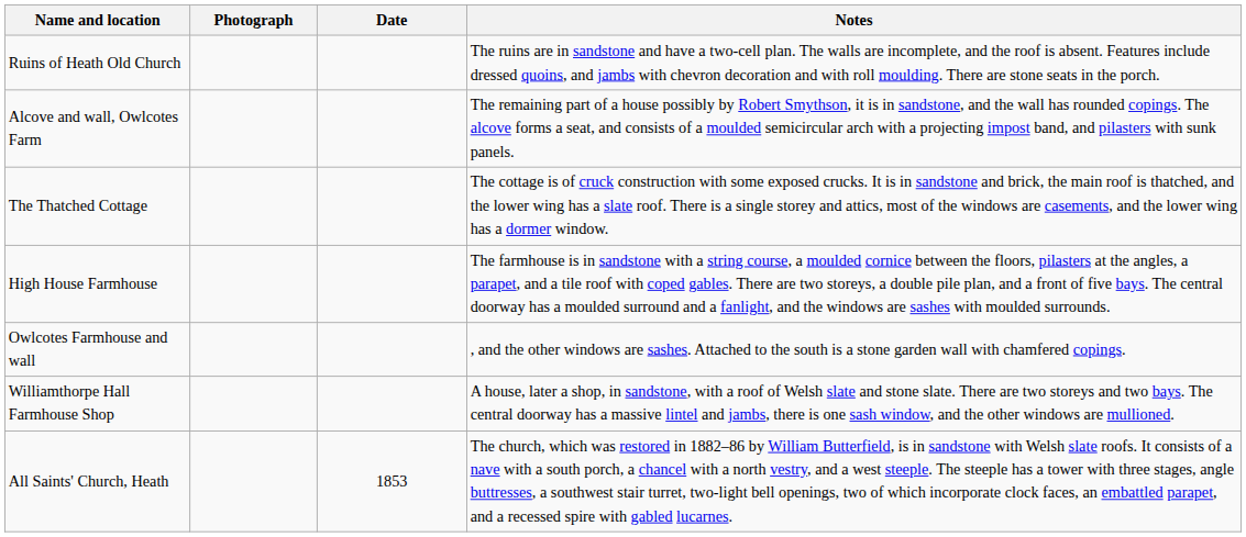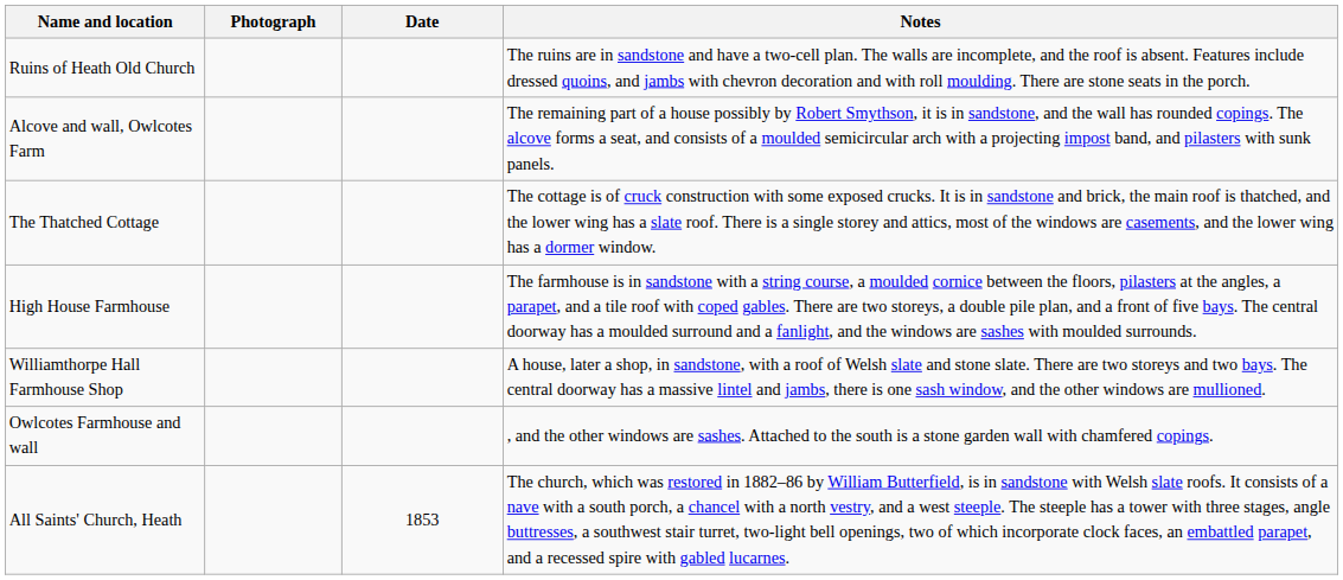 <table class="wikitable sortable plainrowheaders" style="width:100%;border:0px;text-align:left;line-height:150%;">
 <tr>
 <th scope="col"  style="width:150px">Name and location</th>
 <th scope="col"  style="width:100px" class="unsortable">Photograph</th>
 <th scope="col"  style="width:120px">Date</th>
 <th scope="col"  style="width:650px" class="unsortable">Notes</th>
 </tr>
 <tr>
 <td>Ruins of Heath Old Church<br><small></small></td>
 <td></td>
 <td align="center"></td>
 <td>The ruins are in <a href='#'>sandstone</a> and have a two-cell plan.  The walls are incomplete, and the roof is absent.  Features include dressed <a href='#'>quoins</a>, and <a href='#'>jambs</a> with chevron decoration and with roll <a href='#'>moulding</a>.  There are stone seats in the porch.</td>
 </tr>
 <tr>
 <td>Alcove and wall, Owlcotes Farm<br><small></small></td>
 <td></td>
 <td align="center"></td>
 <td>The remaining part of a house possibly by <a href='#'>Robert Smythson</a>, it is in <a href='#'>sandstone</a>, and the wall has rounded <a href='#'>copings</a>.  The <a href='#'>alcove</a> forms a seat, and consists of a <a href='#'>moulded</a> semicircular arch with a projecting <a href='#'>impost</a> band, and <a href='#'>pilasters</a> with sunk panels.</td>
 </tr>
 <tr>
 <td>The Thatched Cottage<br><small></small></td>
 <td></td>
 <td align="center"></td>
 <td>The cottage is of <a href='#'>cruck</a> construction with some exposed crucks.  It is in <a href='#'>sandstone</a> and brick, the main roof is thatched, and the lower wing has a <a href='#'>slate</a> roof.  There is a single storey and attics, most of the windows are <a href='#'>casements</a>, and the lower wing has a <a href='#'>dormer</a> window.</td>
 </tr>
 <tr>
 <td>High House Farmhouse<br><small></small></td>
 <td></td>
 <td align="center"></td>
 <td>The farmhouse is in <a href='#'>sandstone</a> with a <a href='#'>string course</a>, a <a href='#'>moulded</a> <a href='#'>cornice</a> between the floors, <a href='#'>pilasters</a> at the angles, a <a href='#'>parapet</a>, and a tile roof with <a href='#'>coped</a> <a href='#'>gables</a>.  There are two storeys, a double pile plan, and a front of five <a href='#'>bays</a>.  The central doorway has a moulded surround and a <a href='#'>fanlight</a>, and the windows are <a href='#'>sashes</a> with moulded surrounds.</td>
 </tr>
 <tr>
+<td>Williamthorpe Hall Farmhouse Shop<br><small></small></td>
+<td></td>
+<td align="center"></td>
+<td>A house, later a shop, in <a href='#'>sandstone</a>, with a roof of Welsh <a href='#'>slate</a> and stone slate.  There are two storeys and two <a href='#'>bays</a>.  The central doorway has a massive <a href='#'>lintel</a> and <a href='#'>jambs</a>, there is one <a href='#'>sash window</a>, and the other windows are <a href='#'>mullioned</a>.</td>
+</tr>
+<tr>
 <td>Owlcotes Farmhouse and wall<br><small></small></td>
 <td></td>
 <td align="center"></td>
 <td The farmhouse is in >, and the other windows are <a href='#'>sashes</a>.  Attached to the south is a stone garden wall with chamfered <a href='#'>copings</a>.</td>
-</tr>
-<tr>
-<td>Williamthorpe Hall Farmhouse Shop<br><small></small></td>
-<td></td>
-<td align="center"></td>
-<td>A house, later a shop, in <a href='#'>sandstone</a>, with a roof of Welsh <a href='#'>slate</a> and stone slate.  There are two storeys and two <a href='#'>bays</a>.  The central doorway has a massive <a href='#'>lintel</a> and <a href='#'>jambs</a>, there is one <a href='#'>sash window</a>, and the other windows are <a href='#'>mullioned</a>.</td>
 </tr>
 <tr>
 <td>All Saints' Church, Heath<br><small></small></td>
 <td></td>
 <td align="center">1853</td>
 <td>The church, which was <a href='#'>restored</a> in 1882–86 by <a href='#'>William Butterfield</a>, is in <a href='#'>sandstone</a> with Welsh <a href='#'>slate</a> roofs.  It consists of a <a href='#'>nave</a> with a south porch, a <a href='#'>chancel</a> with a north <a href='#'>vestry</a>, and a west <a href='#'>steeple</a>.  The steeple has a tower with three stages, angle <a href='#'>buttresses</a>, a southwest stair turret, two-light bell openings, two of which incorporate clock faces, an <a href='#'>embattled</a> <a href='#'>parapet</a>, and a recessed spire with <a href='#'>gabled</a> <a href='#'>lucarnes</a>.</td>
 </tr>
 <tr>
 </tr>
 </table>
